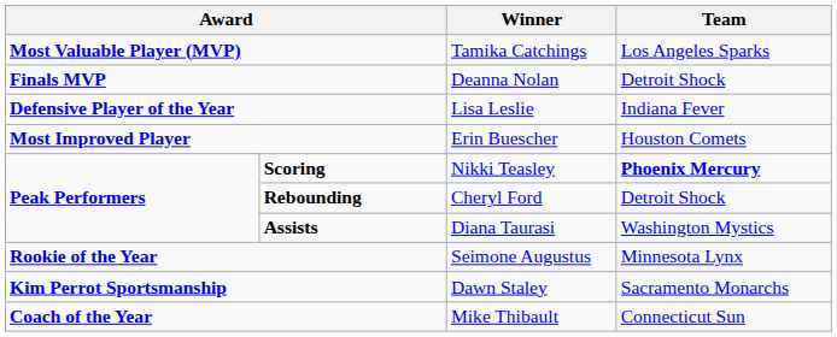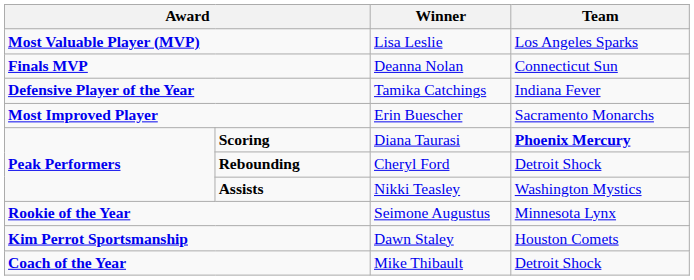 <table class="wikitable" style="width: 80%">
 <tr>
 <th colspan="2" width="39%">Award</th>
 <th width="15%">Winner</th>
 <th width=19%>Team</th>
 </tr>
 <tr>
 <td colspan="2"><strong><a href='#'>Most Valuable Player (MVP)</a></strong></td>
-<td><a href='#'>Tamika Catchings</a></td>
+<td><a href='#'>Lisa Leslie</a></td>
 <td><a href='#'>Los Angeles Sparks</a></td>
 </tr>
 <tr>
 <td colspan="2"><strong><a href='#'>Finals MVP</a></strong></td>
 <td><a href='#'>Deanna Nolan</a></td>
-<td><a href='#'>Detroit Shock</a></td>
+<td><a href='#'>Connecticut Sun</a></td>
 </tr>
 <tr>
 <td colspan="2"><strong><a href='#'>Defensive Player of the Year</a></strong></td>
-<td><a href='#'>Lisa Leslie</a></td>
+<td><a href='#'>Tamika Catchings</a></td>
 <td><a href='#'>Indiana Fever</a></td>
 </tr>
 <tr>
 <td colspan="2"><strong><a href='#'>Most Improved Player</a></strong></td>
 <td><a href='#'>Erin Buescher</a></td>
-<td><a href='#'>Houston Comets</a></td>
+<td><a href='#'>Sacramento Monarchs</a></td>
 </tr>
 <tr>
 <td rowspan="3"><strong><a href='#'>Peak Performers</a></strong></td>
 <td><strong>Scoring</strong></td>
-<td><a href='#'>Nikki Teasley</a></td>
+<td><a href='#'>Diana Taurasi</a></td>
 <td><strong><a href='#'>Phoenix Mercury</a></strong></td>
 </tr>
 <tr>
 <td><strong>Rebounding</strong></td>
 <td><a href='#'>Cheryl Ford</a></td>
 <td><a href='#'>Detroit Shock</a></td>
 </tr>
 <tr>
 <td><strong>Assists</strong></td>
-<td><a href='#'>Diana Taurasi</a></td>
+<td><a href='#'>Nikki Teasley</a></td>
 <td><a href='#'>Washington Mystics</a></td>
 </tr>
 <tr>
 <td colspan="2"><strong><a href='#'>Rookie of the Year</a></strong></td>
 <td><a href='#'>Seimone Augustus</a></td>
 <td><a href='#'>Minnesota Lynx</a></td>
 </tr>
 <tr>
 <td colspan="2"><strong><a href='#'>Kim Perrot Sportsmanship</a></strong></td>
 <td><a href='#'>Dawn Staley</a></td>
-<td><a href='#'>Sacramento Monarchs</a></td>
+<td><a href='#'>Houston Comets</a></td>
 </tr>
 <tr>
 <td colspan="2"><strong><a href='#'>Coach of the Year</a></strong></td>
 <td><a href='#'>Mike Thibault</a></td>
-<td><a href='#'>Connecticut Sun</a></td>
+<td><a href='#'>Detroit Shock</a></td>
 </tr>
 </table>
